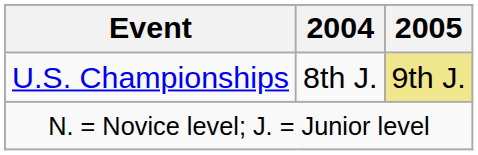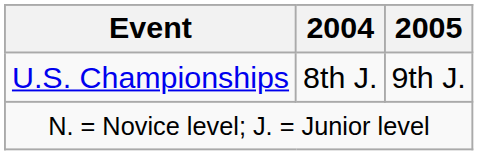 <table class="wikitable" style="text-align:center">
 <tr>
 <th>Event</th>
 <th>2004</th>
 <th>2005</th>
 </tr>
 <tr>
 <td><a href='#'>U.S. Championships</a></td>
 <td>8th J.</td>
-<td style="background: khaki;">9th J.</td>
+<td>9th J.</td>
 </tr>
 <tr>
 <td colspan="3" align="center"><small> N. = Novice level; J. = Junior level </small></td>
 </tr>
 </table>
